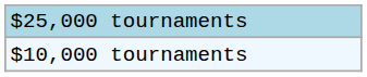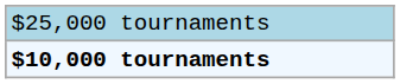 <table class="wikitable" style="font-size:85%; width:15%;">
 <tr style="background:lightblue;">
 <td>$25,000 tournaments</td>
 </tr>
 <tr style="background:#f0f8ff;">
-<td>$10,000 tournaments</td>
+<td><strong>$10,000 tournaments</strong></td>
 </tr>
 </table>
